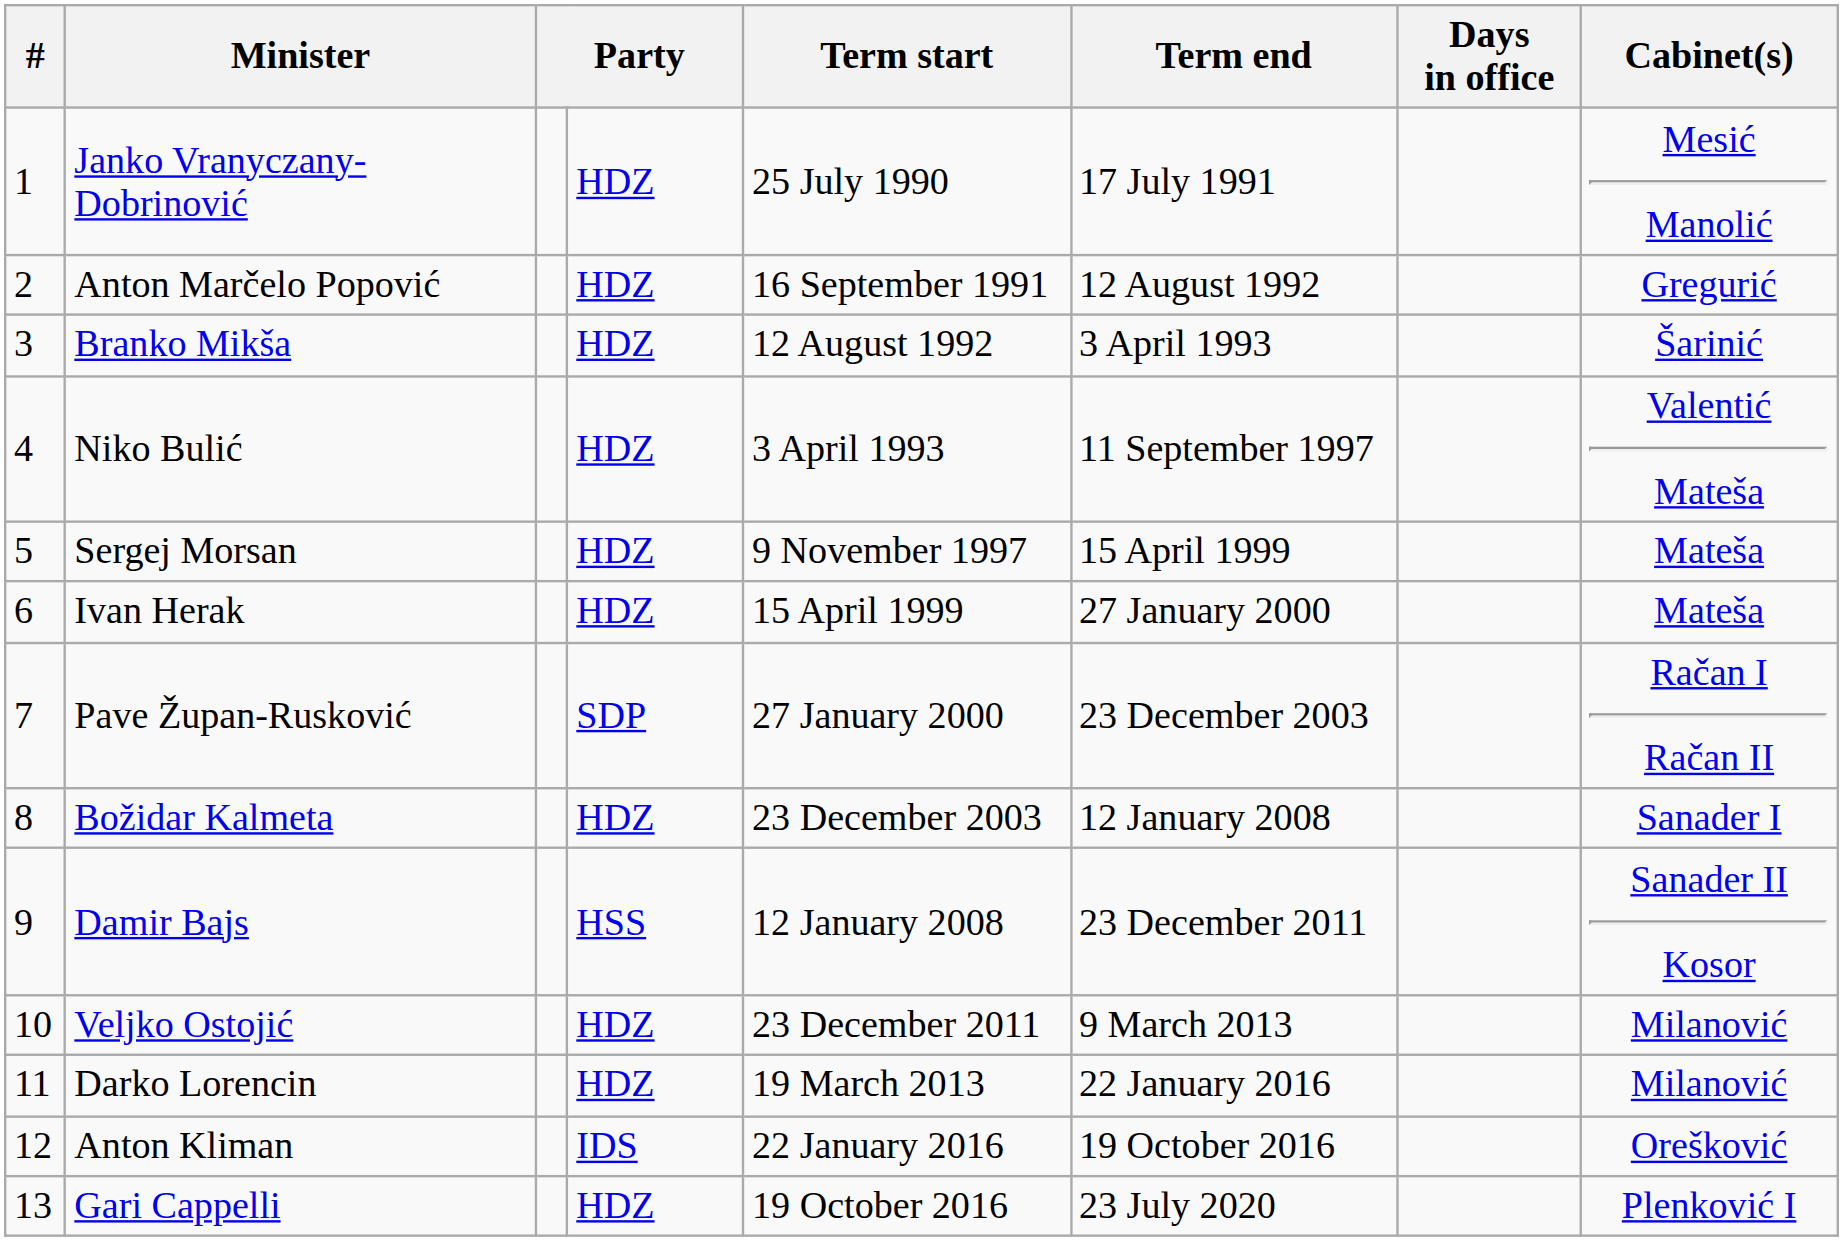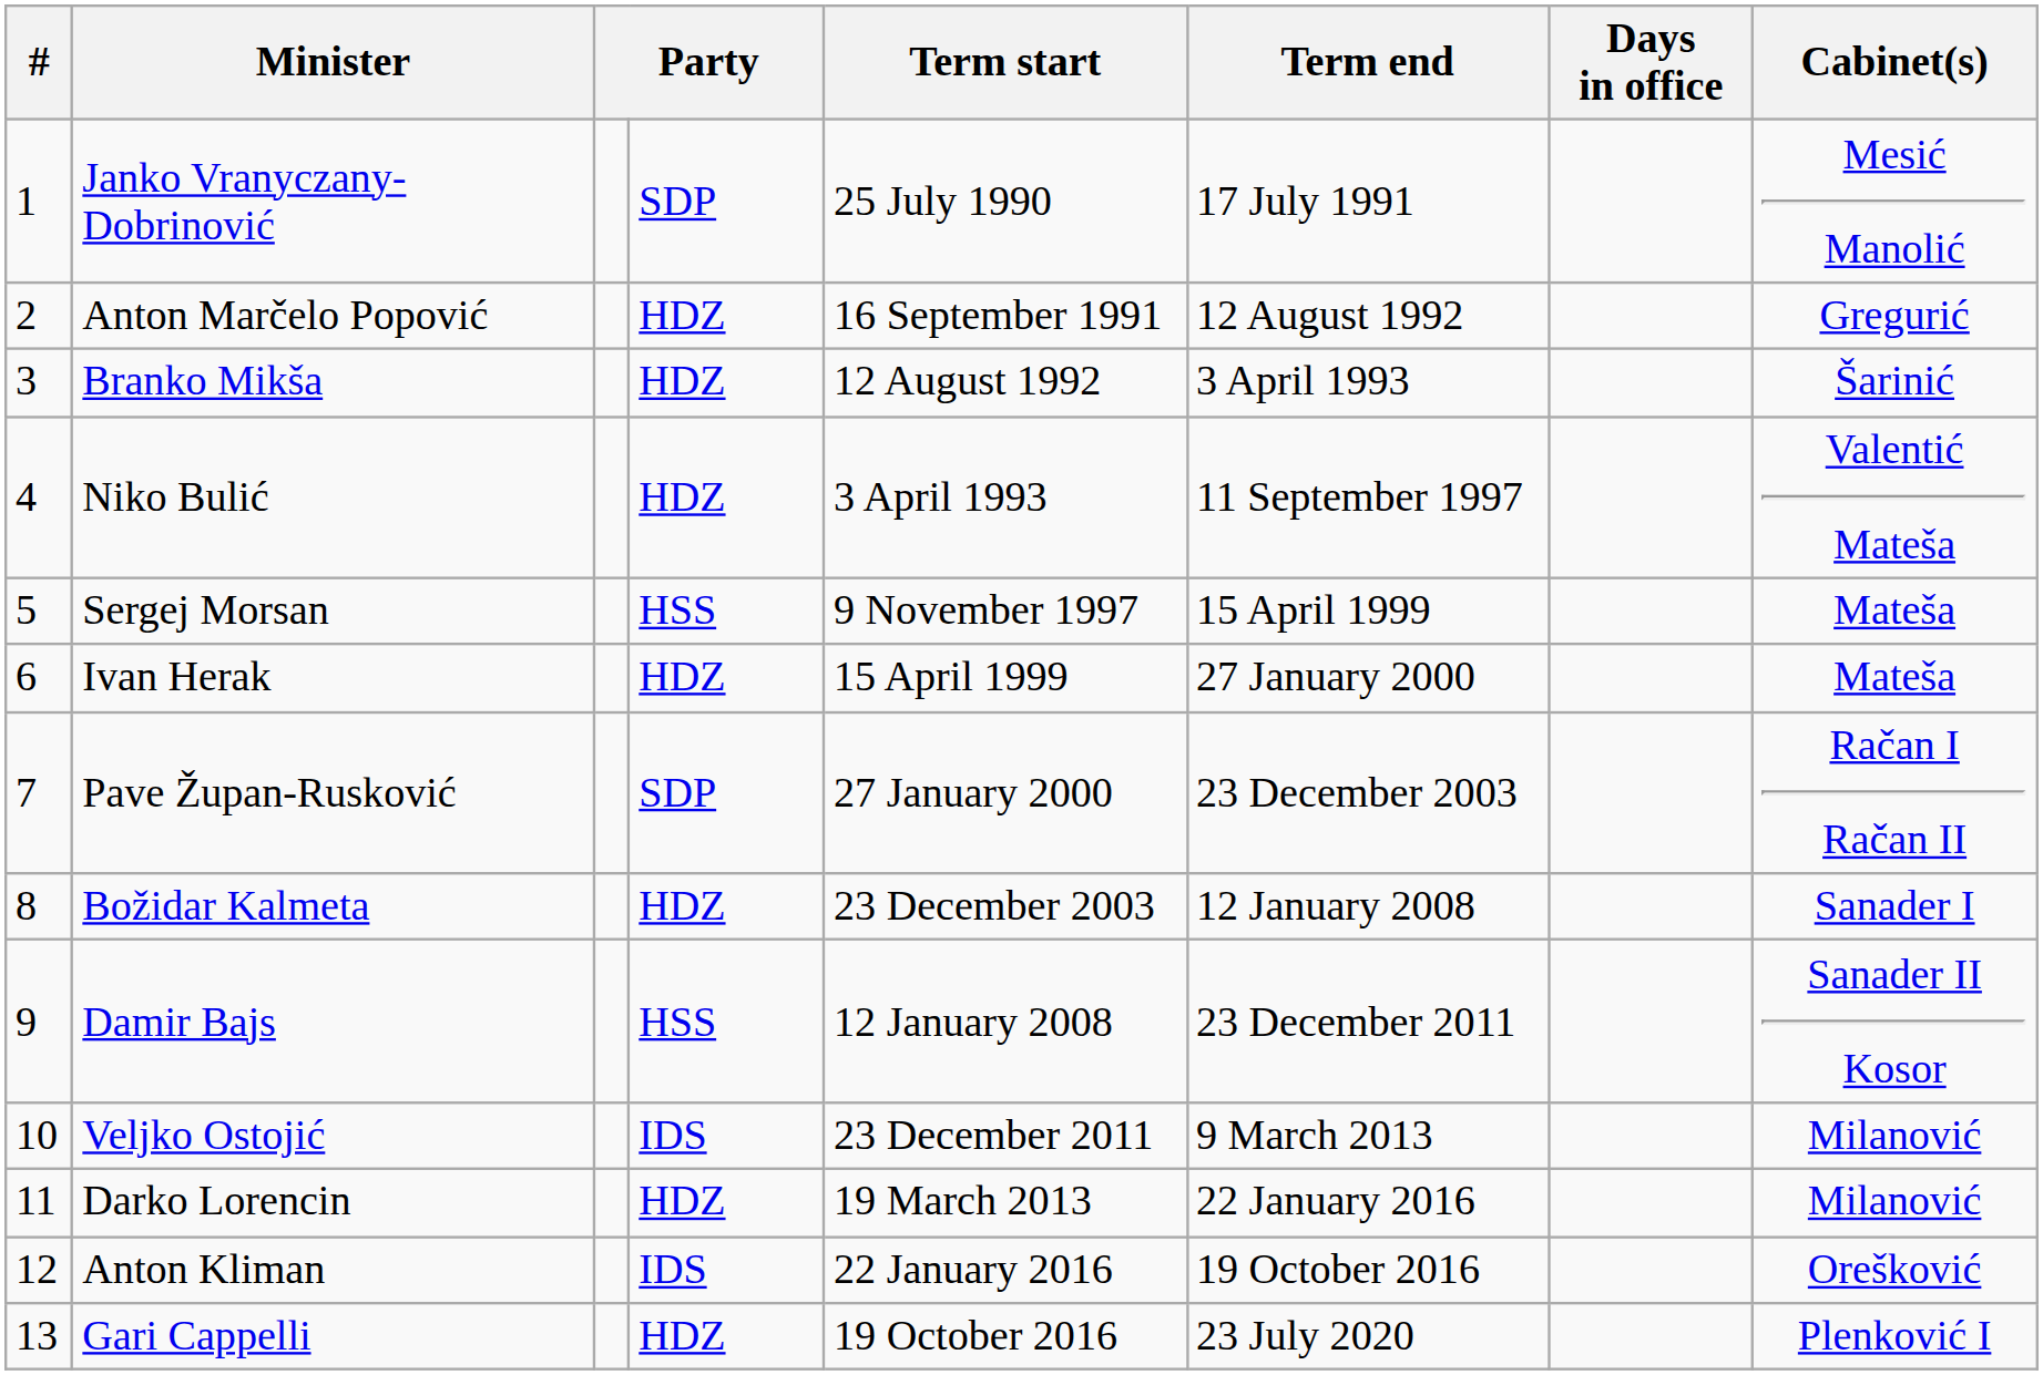 <table class="wikitable" style="text-align: left;">
 <tr>
 <th align=center width="18">#</th>
 <th width="190">Minister</th>
 <th colspan=2 width="80">Party</th>
 <th width="130">Term start</th>
 <th width="130">Term end</th>
 <th width=70>Days<br> in office</th>
 <th width="100">Cabinet(s)</th>
 </tr>
 <tr>
 <td>1</td>
 <td><a href='#'>Janko Vranyczany-Dobrinović</a></td>
 <td style="background-color: "></td>
-<td><a href='#'>HDZ</a></td>
+<td><a href='#'>SDP</a></td>
 <td>25 July 1990</td>
 <td>17 July 1991</td>
 <td align=right></td>
 <td align=center><a href='#'>Mesić</a><hr><a href='#'>Manolić</a></td>
 </tr>
 <tr>
 <td>2</td>
 <td>Anton Marčelo Popović</td>
 <td style="background-color: "></td>
 <td><a href='#'>HDZ</a></td>
 <td>16 September 1991</td>
 <td>12 August 1992</td>
 <td align=right></td>
 <td align=center><a href='#'>Gregurić</a></td>
 </tr>
 <tr>
 <td>3</td>
 <td><a href='#'>Branko Mikša</a> </td>
 <td style="background-color: "></td>
 <td><a href='#'>HDZ</a></td>
 <td>12 August 1992</td>
 <td>3 April 1993</td>
 <td align=right></td>
 <td align=center><a href='#'>Šarinić</a></td>
 </tr>
 <tr>
 <td>4</td>
 <td>Niko Bulić </td>
 <td style="background-color: "></td>
 <td><a href='#'>HDZ</a></td>
 <td>3 April 1993</td>
 <td>11 September 1997</td>
 <td align=right></td>
 <td align=center><a href='#'>Valentić</a><hr><a href='#'>Mateša</a></td>
 </tr>
 <tr>
 <td>5</td>
 <td>Sergej Morsan</td>
 <td style="background-color: "></td>
-<td><a href='#'>HDZ</a></td>
+<td><a href='#'>HSS</a></td>
 <td>9 November 1997</td>
 <td>15 April 1999</td>
 <td align=right></td>
 <td align=center><a href='#'>Mateša</a></td>
 </tr>
 <tr>
 <td>6</td>
 <td>Ivan Herak</td>
 <td style="background-color: "></td>
 <td><a href='#'>HDZ</a></td>
 <td>15 April 1999</td>
 <td>27 January 2000</td>
 <td align=right></td>
 <td align=center><a href='#'>Mateša</a></td>
 </tr>
 <tr>
 <td>7</td>
 <td>Pave Župan-Rusković</td>
 <td style="background-color: "></td>
 <td><a href='#'>SDP</a></td>
 <td>27 January 2000</td>
 <td>23 December 2003</td>
 <td align=right></td>
 <td align=center><a href='#'>Račan I</a><hr><a href='#'>Račan II</a></td>
 </tr>
 <tr>
 <td>8</td>
 <td><a href='#'>Božidar Kalmeta</a> </td>
 <td style="background-color: "></td>
 <td><a href='#'>HDZ</a></td>
 <td>23 December 2003</td>
 <td>12 January 2008</td>
 <td align=right></td>
 <td align=center><a href='#'>Sanader I</a></td>
 </tr>
 <tr>
 <td>9</td>
 <td><a href='#'>Damir Bajs</a></td>
 <td style="background-color: "></td>
 <td><a href='#'>HSS</a></td>
 <td>12 January 2008</td>
 <td>23 December 2011</td>
 <td align=right></td>
 <td align=center><a href='#'>Sanader II</a><hr><a href='#'>Kosor</a></td>
 </tr>
 <tr>
 <td>10</td>
 <td><a href='#'>Veljko Ostojić</a></td>
 <td style="background-color: "></td>
-<td><a href='#'>HDZ</a></td>
+<td><a href='#'>IDS</a></td>
 <td>23 December 2011</td>
 <td>9 March 2013</td>
 <td align=right></td>
 <td align=center><a href='#'>Milanović</a></td>
 </tr>
 <tr>
 <td>11</td>
 <td>Darko Lorencin</td>
 <td style="background-color: "></td>
 <td><a href='#'>HDZ</a></td>
 <td>19 March 2013</td>
 <td>22 January 2016</td>
 <td align=right></td>
 <td align=center><a href='#'>Milanović</a></td>
 </tr>
 <tr>
 <td>12</td>
 <td>Anton Kliman</td>
 <td style="background-color: "></td>
 <td><a href='#'>IDS</a></td>
 <td>22 January 2016</td>
 <td>19 October 2016</td>
 <td align=right></td>
 <td align=center><a href='#'>Orešković</a></td>
 </tr>
 <tr>
 <td>13</td>
 <td><a href='#'>Gari Cappelli</a></td>
 <td style="background-color: "></td>
 <td><a href='#'>HDZ</a></td>
 <td>19 October 2016</td>
 <td>23 July 2020</td>
 <td align=right></td>
 <td align=center><a href='#'>Plenković I</a></td>
 </tr>
 </table>
